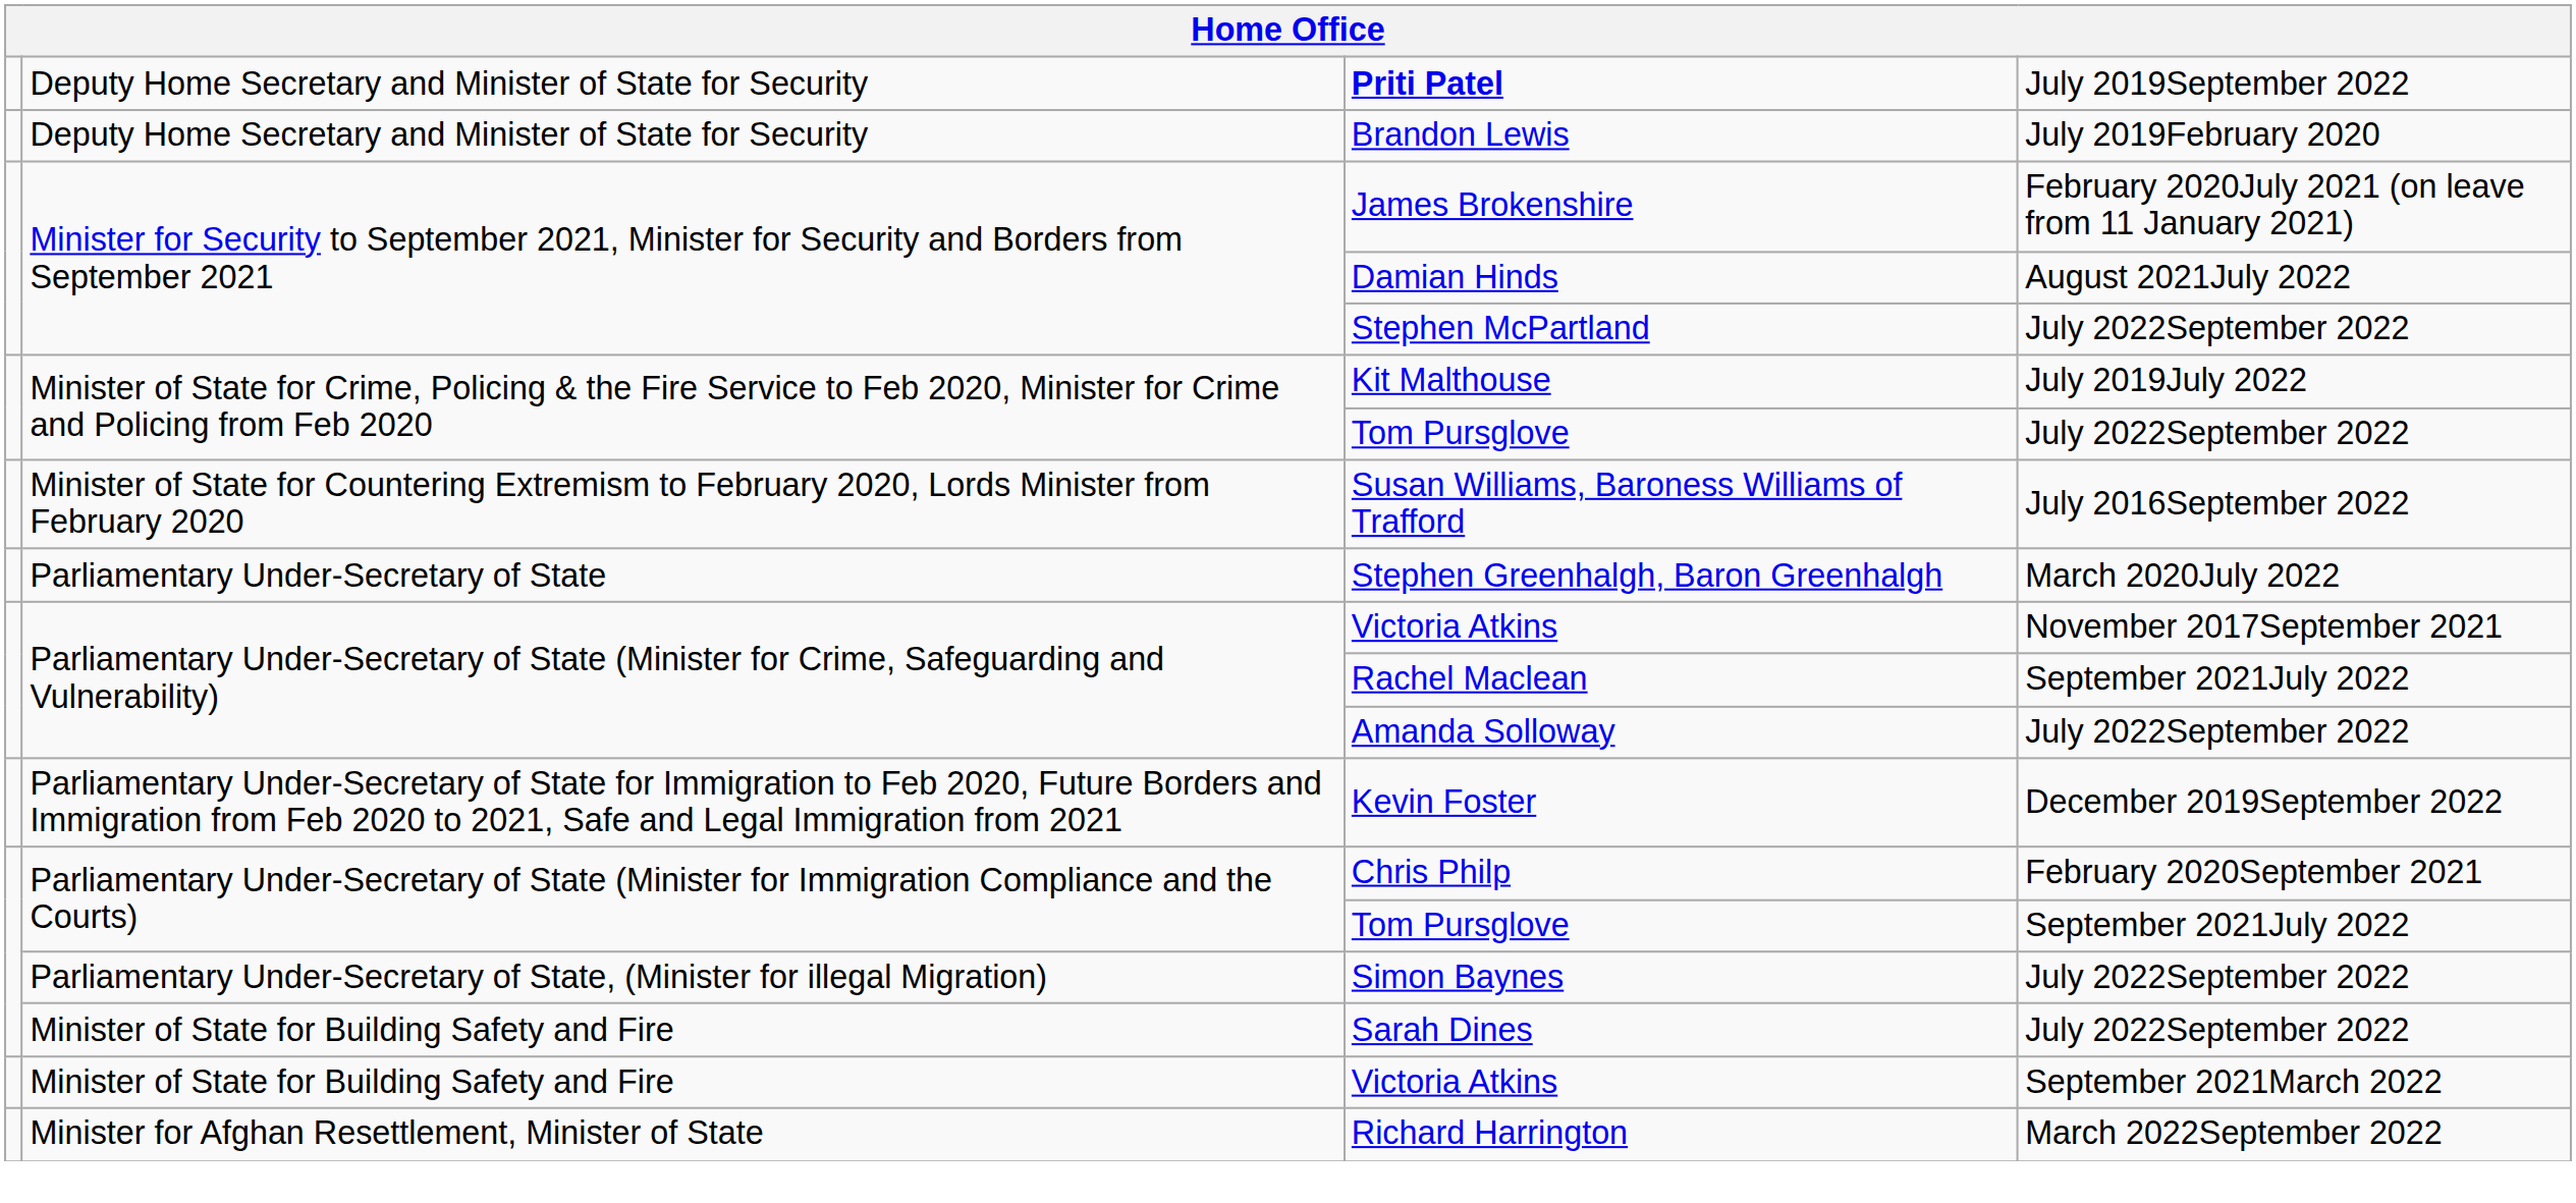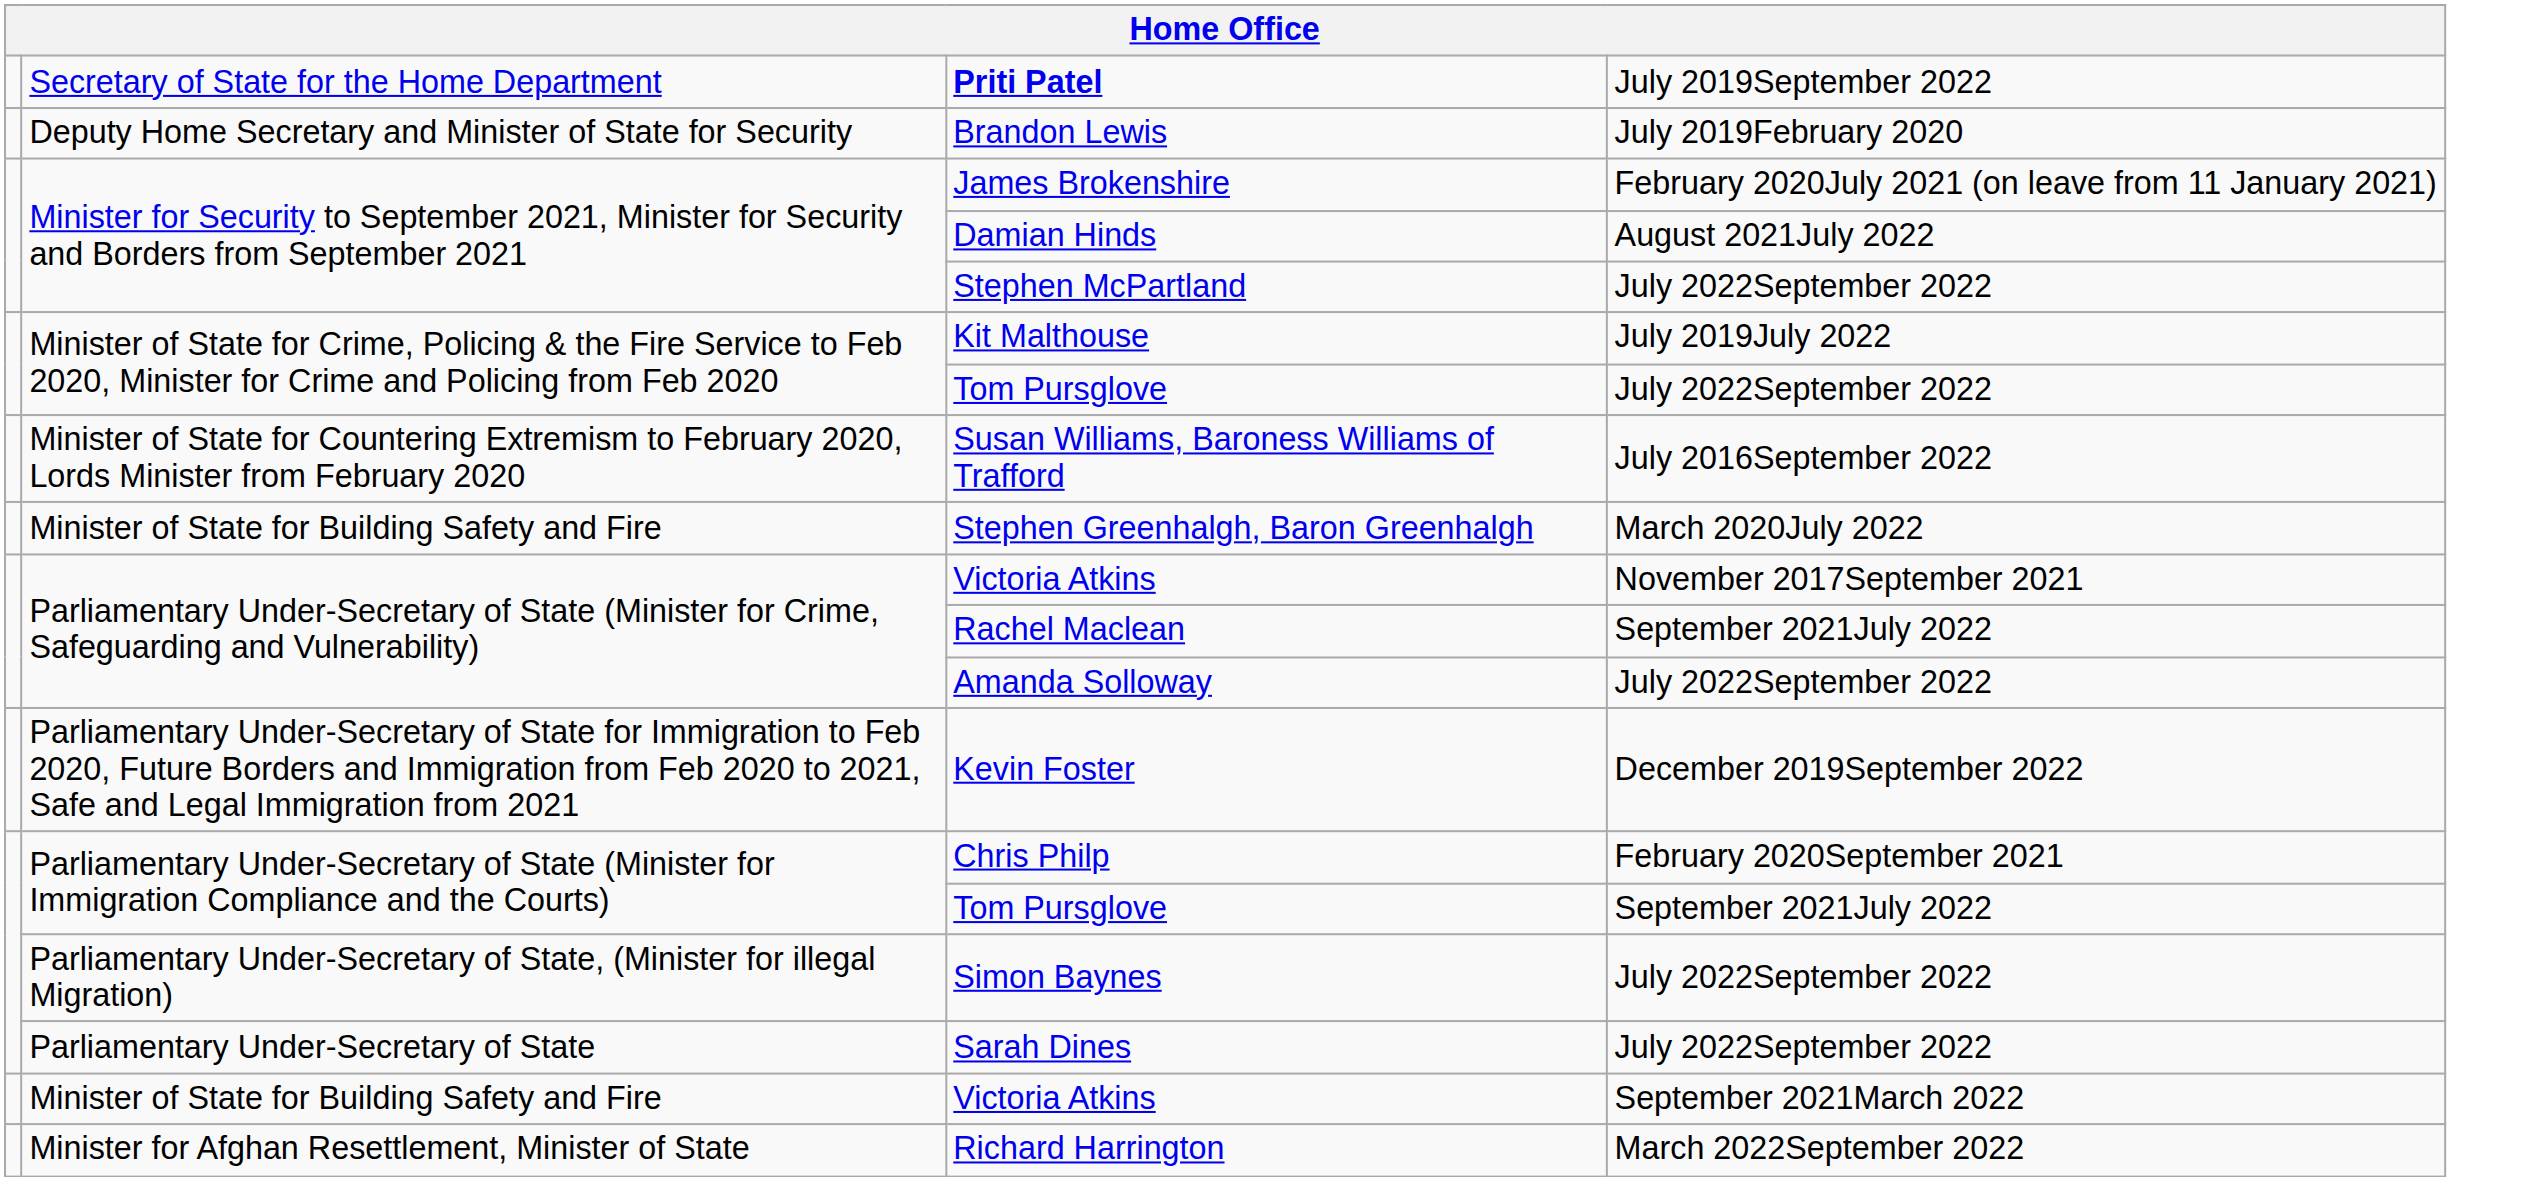 <table class="wikitable">
 <tr>
 <th colspan="4"><a href='#'>Home Office</a></th>
 </tr>
 <tr>
 <td style="width: 1px; background: "></td>
-<td>Deputy Home Secretary and Minister of State for Security</td>
+<td style="width: 450px;"><a href='#'>Secretary of State for the Home Department</a></td>
 <td style="width: 320px;"><strong><a href='#'>Priti Patel</a></strong></td>
 <td>July 2019September 2022</td>
 </tr>
 <tr>
 <td style="background: "></td>
 <td>Deputy Home Secretary and Minister of State for Security</td>
 <td><a href='#'>Brandon Lewis</a></td>
 <td>July 2019February 2020</td>
 </tr>
 <tr>
 <td rowspan="3" style="background: "></td>
 <td rowspan=3><a href='#'>Minister for Security</a> to September 2021, Minister for Security and Borders from September 2021</td>
 <td><a href='#'>James Brokenshire</a></td>
 <td>February 2020July 2021 (on leave from 11 January 2021)</td>
 </tr>
 <tr>
 <td><a href='#'>Damian Hinds</a></td>
 <td>August 2021July 2022</td>
 </tr>
 <tr>
 <td><a href='#'>Stephen McPartland</a> <br></td>
 <td>July 2022September 2022</td>
 </tr>
 <tr>
 <td rowspan=2 style="background: "></td>
 <td rowspan=2>Minister of State for Crime, Policing & the Fire Service to Feb 2020, Minister for Crime and Policing from Feb 2020</td>
 <td><a href='#'>Kit Malthouse</a><br></td>
 <td>July 2019July 2022<br></td>
 </tr>
 <tr>
 <td><a href='#'>Tom Pursglove</a> <br></td>
 <td>July 2022September 2022</td>
 </tr>
 <tr>
 <td style="width: 1px; background: "></td>
 <td>Minister of State for Countering Extremism to February 2020, Lords Minister from February 2020</td>
 <td><a href='#'>Susan Williams, Baroness Williams of Trafford</a> <br></td>
 <td>July 2016September 2022</td>
 </tr>
 <tr>
 <td style="width: 1px; background: "></td>
-<td>Parliamentary Under-Secretary of State</td>
+<td>Minister of State for Building Safety and Fire</td>
 <td><a href='#'>Stephen Greenhalgh, Baron Greenhalgh</a> <br></td>
 <td>March 2020July 2022</td>
 </tr>
 <tr>
 <td rowspan=3 style="background: "></td>
 <td rowspan=3>Parliamentary Under-Secretary of State (Minister for Crime, Safeguarding and Vulnerability)</td>
 <td><a href='#'>Victoria Atkins</a> <br></td>
 <td>November 2017September 2021</td>
 </tr>
 <tr>
 <td><a href='#'>Rachel Maclean</a></td>
 <td>September 2021July 2022</td>
 </tr>
 <tr>
 <td><a href='#'>Amanda Solloway</a> <br></td>
 <td>July 2022September 2022</td>
 </tr>
 <tr>
 <td style="width: 1px; background: "></td>
 <td>Parliamentary Under-Secretary of State for Immigration to Feb 2020, Future Borders and Immigration from Feb 2020 to 2021, Safe and Legal Immigration from 2021</td>
 <td><a href='#'>Kevin Foster</a></td>
 <td>December 2019September 2022</td>
 </tr>
 <tr>
 <td rowspan=4 style="width: 1px; background: "></td>
 <td rowspan=2>Parliamentary Under-Secretary of State (Minister for Immigration Compliance and the Courts)</td>
 <td><a href='#'>Chris Philp</a> <br></td>
 <td>February 2020September 2021</td>
 </tr>
 <tr>
 <td><a href='#'>Tom Pursglove</a></td>
 <td>September 2021July 2022</td>
 </tr>
 <tr>
 <td>Parliamentary Under-Secretary of State, (Minister for illegal Migration)</td>
 <td><a href='#'>Simon Baynes</a> <br></td>
 <td>July 2022September 2022</td>
 </tr>
 <tr>
-<td>Minister of State for Building Safety and Fire</td>
+<td>Parliamentary Under-Secretary of State</td>
 <td><a href='#'>Sarah Dines</a></td>
 <td>July 2022September 2022</td>
 </tr>
 <tr>
 <td style="width: 1px; background: "></td>
 <td>Minister of State for Building Safety and Fire</td>
 <td><a href='#'>Victoria Atkins</a> </td>
 <td>September 2021March 2022</td>
 </tr>
 <tr>
 <td style="width: 1px; background: "></td>
 <td>Minister for Afghan Resettlement, Minister of State</td>
 <td><a href='#'>Richard Harrington</a> </td>
 <td>March 2022September 2022</td>
 </tr>
 </table>
